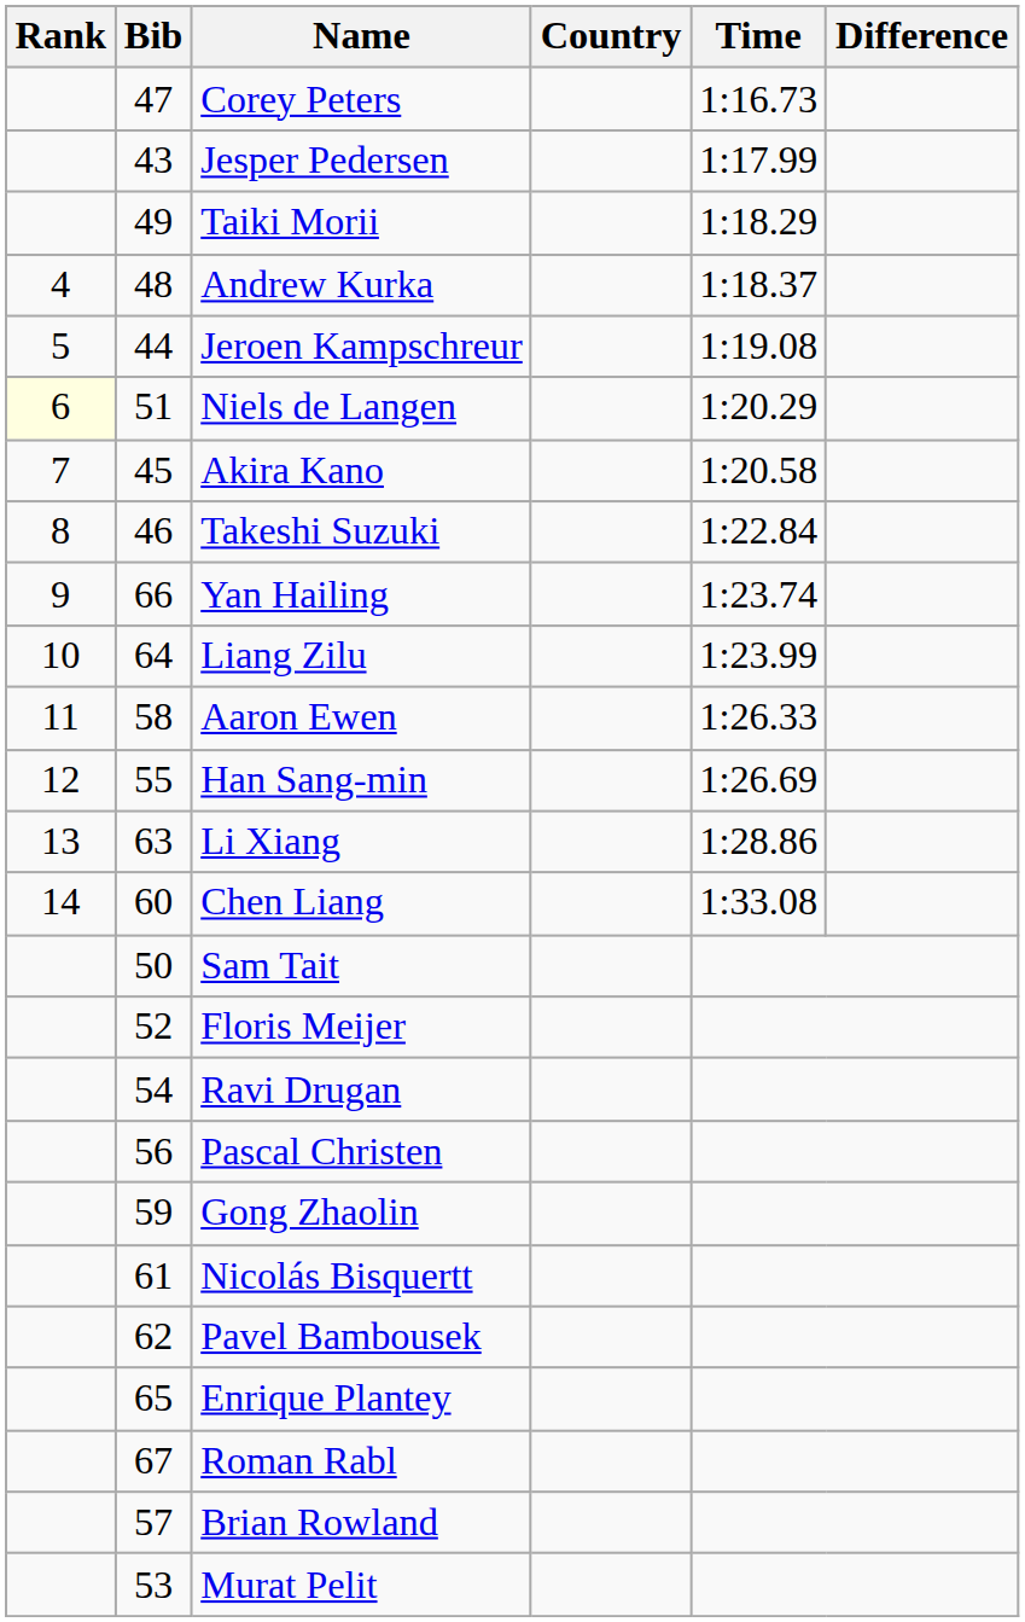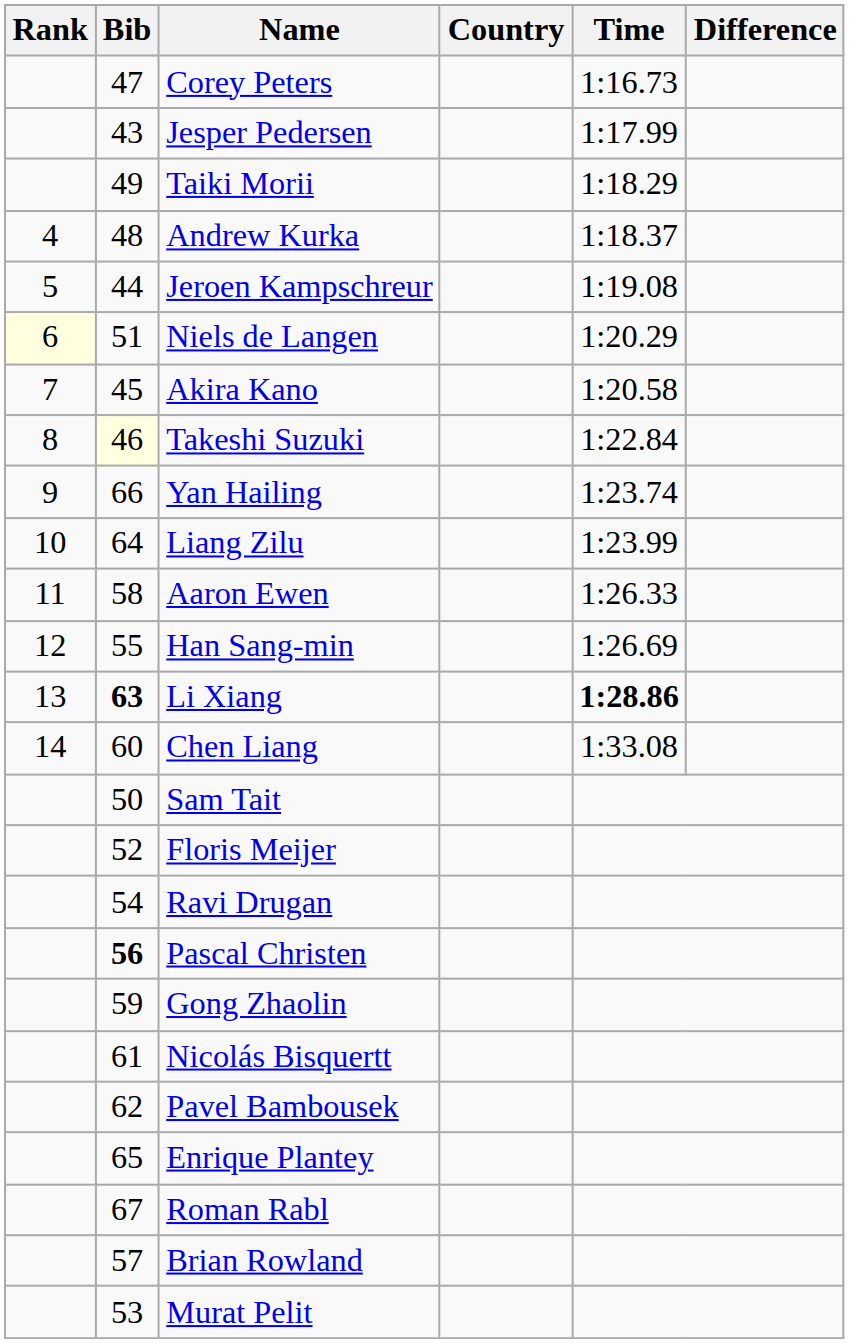 <table class="wikitable sortable" style="text-align:center">
 <tr>
 <th>Rank</th>
 <th>Bib</th>
 <th>Name</th>
 <th>Country</th>
 <th>Time</th>
 <th>Difference</th>
 </tr>
 <tr>
 <td></td>
 <td>47</td>
 <td align="left"><a href='#'>Corey Peters</a></td>
 <td align="left"></td>
 <td>1:16.73</td>
 <td></td>
 </tr>
 <tr>
 <td></td>
 <td>43</td>
 <td align="left"><a href='#'>Jesper Pedersen</a></td>
 <td align="left"></td>
 <td>1:17.99</td>
 <td></td>
 </tr>
 <tr>
 <td></td>
 <td>49</td>
 <td align="left"><a href='#'>Taiki Morii</a></td>
 <td align="left"></td>
 <td>1:18.29</td>
 <td></td>
 </tr>
 <tr>
 <td>4</td>
 <td>48</td>
 <td align="left"><a href='#'>Andrew Kurka</a></td>
 <td align="left"></td>
 <td>1:18.37</td>
 <td></td>
 </tr>
 <tr>
 <td>5</td>
 <td>44</td>
 <td align="left"><a href='#'>Jeroen Kampschreur</a></td>
 <td align="left"></td>
 <td>1:19.08</td>
 <td></td>
 </tr>
 <tr>
 <td style="background: lightyellow;">6</td>
 <td>51</td>
 <td align="left"><a href='#'>Niels de Langen</a></td>
 <td align="left"></td>
 <td>1:20.29</td>
 <td></td>
 </tr>
 <tr>
 <td>7</td>
 <td>45</td>
 <td align="left"><a href='#'>Akira Kano</a></td>
 <td align="left"></td>
 <td>1:20.58</td>
 <td></td>
 </tr>
 <tr>
 <td>8</td>
-<td>46</td>
+<td style="background: lightyellow;">46</td>
 <td align="left"><a href='#'>Takeshi Suzuki</a></td>
 <td align="left"></td>
 <td>1:22.84</td>
 <td></td>
 </tr>
 <tr>
 <td>9</td>
 <td>66</td>
 <td align="left"><a href='#'>Yan Hailing</a></td>
 <td align="left"></td>
 <td>1:23.74</td>
 <td></td>
 </tr>
 <tr>
 <td>10</td>
 <td>64</td>
 <td align="left"><a href='#'>Liang Zilu</a></td>
 <td align="left"></td>
 <td>1:23.99</td>
 <td></td>
 </tr>
 <tr>
 <td>11</td>
 <td>58</td>
 <td align="left"><a href='#'>Aaron Ewen</a></td>
 <td align="left"></td>
 <td>1:26.33</td>
 <td></td>
 </tr>
 <tr>
 <td>12</td>
 <td>55</td>
 <td align="left"><a href='#'>Han Sang-min</a></td>
 <td align="left"></td>
 <td>1:26.69</td>
 <td></td>
 </tr>
 <tr>
 <td>13</td>
-<td>63</td>
+<td><strong>63</strong></td>
 <td align="left"><a href='#'>Li Xiang</a></td>
 <td align="left"></td>
-<td>1:28.86</td>
+<td><strong>1:28.86</strong></td>
 <td></td>
 </tr>
 <tr>
 <td>14</td>
 <td>60</td>
 <td align="left"><a href='#'>Chen Liang</a></td>
 <td align="left"></td>
 <td>1:33.08</td>
 <td></td>
 </tr>
 <tr>
 <td></td>
 <td>50</td>
 <td align="left"><a href='#'>Sam Tait</a></td>
 <td align="left"></td>
 <td colspan="2"></td>
 </tr>
 <tr>
 <td></td>
 <td>52</td>
 <td align="left"><a href='#'>Floris Meijer</a></td>
 <td align="left"></td>
 <td colspan="2"></td>
 </tr>
 <tr>
 <td></td>
 <td>54</td>
 <td align="left"><a href='#'>Ravi Drugan</a></td>
 <td align="left"></td>
 <td colspan="2"></td>
 </tr>
 <tr>
 <td></td>
-<td>56</td>
+<td><strong>56</strong></td>
 <td align="left"><a href='#'>Pascal Christen</a></td>
 <td align="left"></td>
 <td colspan="2"></td>
 </tr>
 <tr>
 <td></td>
 <td>59</td>
 <td align="left"><a href='#'>Gong Zhaolin</a></td>
 <td align="left"></td>
 <td colspan="2"></td>
 </tr>
 <tr>
 <td></td>
 <td>61</td>
 <td align="left"><a href='#'>Nicolás Bisquertt</a></td>
 <td align="left"></td>
 <td colspan="2"></td>
 </tr>
 <tr>
 <td></td>
 <td>62</td>
 <td align="left"><a href='#'>Pavel Bambousek</a></td>
 <td align="left"></td>
 <td colspan="2"></td>
 </tr>
 <tr>
 <td></td>
 <td>65</td>
 <td align="left"><a href='#'>Enrique Plantey</a></td>
 <td align="left"></td>
 <td colspan="2"></td>
 </tr>
 <tr>
 <td></td>
 <td>67</td>
 <td align="left"><a href='#'>Roman Rabl</a></td>
 <td align="left"></td>
 <td colspan="2"></td>
 </tr>
 <tr>
 <td></td>
 <td>57</td>
 <td align="left"><a href='#'>Brian Rowland</a></td>
 <td align="left"></td>
 <td colspan="2"></td>
 </tr>
 <tr>
 <td></td>
 <td>53</td>
 <td align="left"><a href='#'>Murat Pelit</a></td>
 <td align="left"></td>
 <td colspan="2"></td>
 </tr>
 </table>
